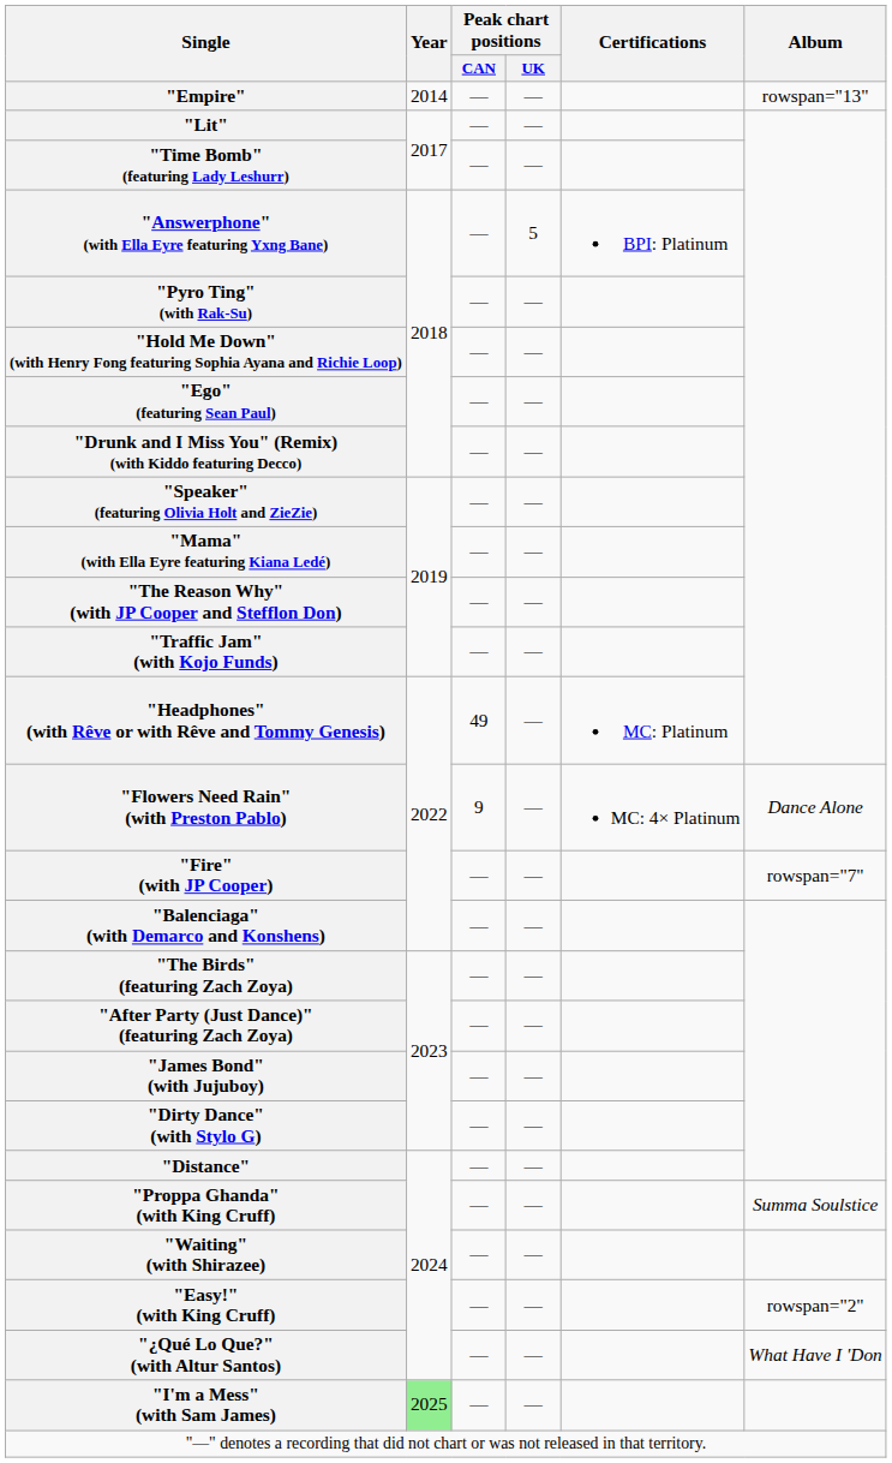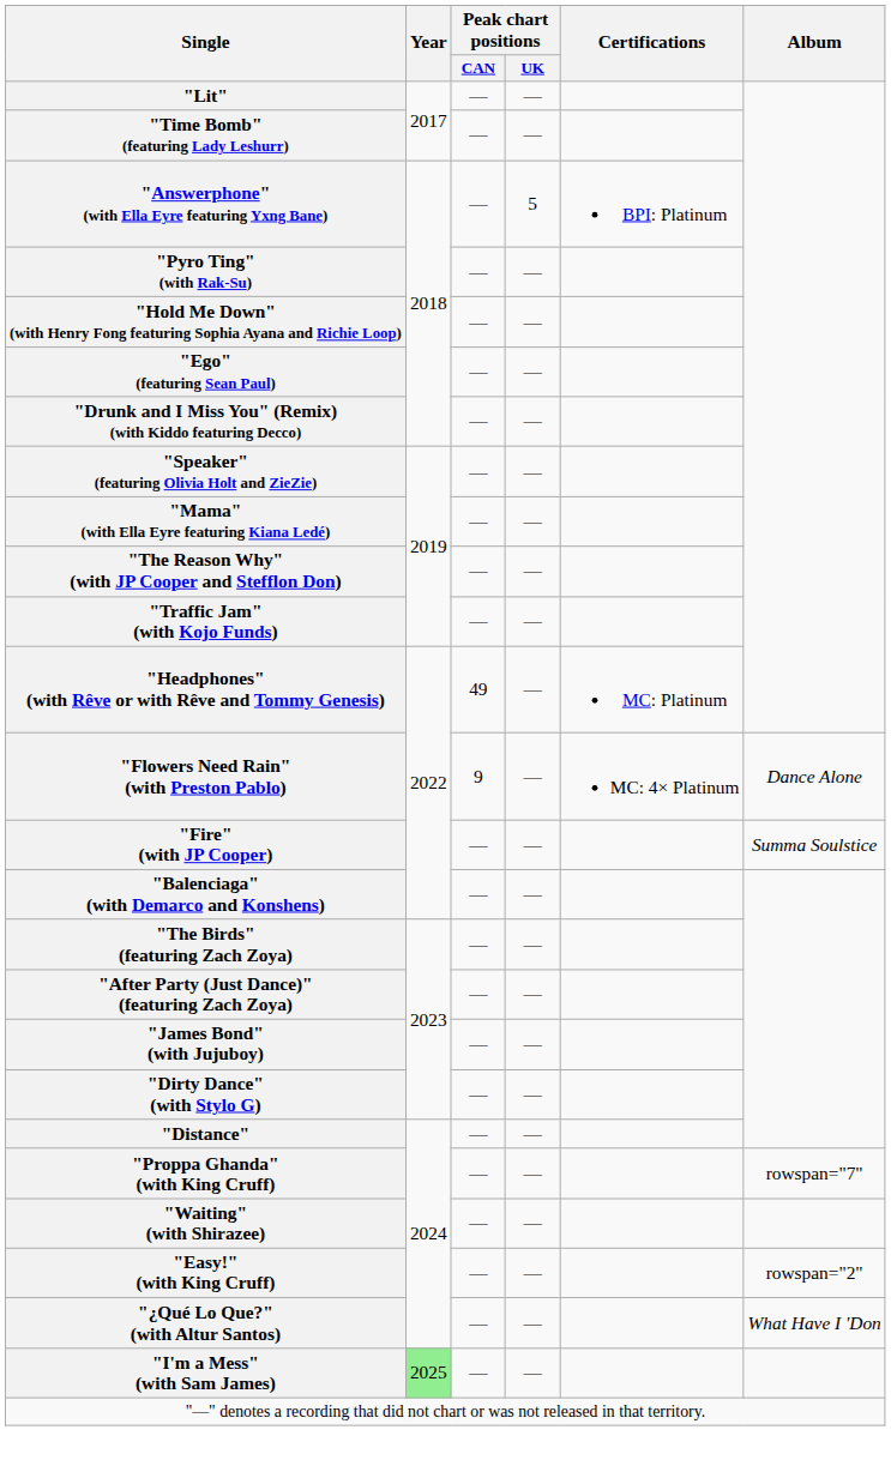 <table class="wikitable plainrowheaders" style="text-align:center;">
 <tr>
 <th scope="col" rowspan="2">Single</th>
 <th scope="col" rowspan="2">Year</th>
 <th scope="col" colspan="2">Peak chart positions</th>
 <th scope="col" rowspan="2">Certifications</th>
 <th scope="col" rowspan="2">Album</th>
 </tr>
 <tr>
 <th scope="col" style="width:3em;font-size:85%;"><a href='#'>CAN</a><br></th>
 <th scope="col" style="width:3em;font-size:85%;"><a href='#'>UK</a><br></th>
-</tr>
-<tr>
-<th scope="row">"Empire"</th>
-<td>2014</td>
-<td>—</td>
-<td>—</td>
-<td></td>
-<td>rowspan="13" </td>
 </tr>
 <tr>
 <th scope="row">"Lit"</th>
 <td rowspan="2">2017</td>
 <td>—</td>
 <td>—</td>
 <td></td>
 </tr>
 <tr>
 <th scope="row">"Time Bomb"<br><small>(featuring <a href='#'>Lady Leshurr</a>)</small></th>
 <td>—</td>
 <td>—</td>
 <td></td>
 </tr>
 <tr>
 <th scope="row">"<a href='#'>Answerphone</a>"<br><small>(with <a href='#'>Ella Eyre</a> featuring <a href='#'>Yxng Bane</a>)</small></th>
 <td rowspan="5">2018</td>
 <td>—</td>
 <td>5</td>
 <td><br><ul><li><a href='#'>BPI</a>: Platinum</li></ul></td>
 </tr>
 <tr>
 <th scope="row">"Pyro Ting"<br><small>(with <a href='#'>Rak-Su</a>)</small></th>
 <td>—</td>
 <td>—</td>
 <td></td>
 </tr>
 <tr>
 <th scope="row">"Hold Me Down"<br><small>(with Henry Fong featuring Sophia Ayana and <a href='#'>Richie Loop</a>)</small></th>
 <td>—</td>
 <td>—</td>
 <td></td>
 </tr>
 <tr>
 <th scope="row">"Ego"<br><small>(featuring <a href='#'>Sean Paul</a>)</small></th>
 <td>—</td>
 <td>—</td>
 <td></td>
 </tr>
 <tr>
 <th scope="row">"Drunk and I Miss You" (Remix)<br><small>(with Kiddo featuring Decco)</small></th>
 <td>—</td>
 <td>—</td>
 <td></td>
 </tr>
 <tr>
 <th scope="row">"Speaker"<br><small>(featuring <a href='#'>Olivia Holt</a> and <a href='#'>ZieZie</a>)</small></th>
 <td rowspan="4">2019</td>
 <td>—</td>
 <td>—</td>
 <td></td>
 </tr>
 <tr>
 <th scope="row">"Mama"<br><small>(with Ella Eyre featuring <a href='#'>Kiana Ledé</a>)</small></th>
 <td>—</td>
 <td>—</td>
 <td></td>
 </tr>
 <tr>
 <th scope="row">"The Reason Why"<br><span>(with <a href='#'>JP Cooper</a> and <a href='#'>Stefflon Don</a>)</span></th>
 <td>—</td>
 <td>—</td>
 <td></td>
 </tr>
 <tr>
 <th scope="row">"Traffic Jam"<br><span>(with <a href='#'>Kojo Funds</a>)</span></th>
 <td>—</td>
 <td>—</td>
 <td></td>
 </tr>
 <tr>
 <th scope="row">"Headphones"<br><span>(with <a href='#'>Rêve</a> or with Rêve and <a href='#'>Tommy Genesis</a>)</span></th>
 <td rowspan="4">2022</td>
 <td>49</td>
 <td>—</td>
 <td><br><ul><li><a href='#'>MC</a>: Platinum</li></ul></td>
 </tr>
 <tr>
 <th scope="row">"Flowers Need Rain"<br><span>(with <a href='#'>Preston Pablo</a>)</span></th>
 <td>9</td>
 <td>—</td>
 <td><br><ul><li>MC: 4× Platinum</li></ul></td>
 <td><em>Dance Alone</em></td>
 </tr>
 <tr>
 <th scope="row">"Fire"<br><span>(with <a href='#'>JP Cooper</a>)</span></th>
 <td>—</td>
 <td>—</td>
 <td></td>
-<td>rowspan="7" </td>
+<td><em>Summa Soulstice</em></td>
 </tr>
 <tr>
 <th scope="row">"Balenciaga"<br><span>(with <a href='#'>Demarco</a> and <a href='#'>Konshens</a>)</span></th>
 <td>—</td>
 <td>—</td>
 <td></td>
 </tr>
 <tr>
 <th scope="row">"The Birds"<br><span>(featuring Zach Zoya)</span></th>
 <td rowspan="4">2023</td>
 <td>—</td>
 <td>—</td>
 <td></td>
 </tr>
 <tr>
 <th scope="row">"After Party (Just Dance)"<br><span>(featuring Zach Zoya)</span></th>
 <td>—</td>
 <td>—</td>
 <td></td>
 </tr>
 <tr>
 <th scope="row">"James Bond"<br><span>(with Jujuboy)</span></th>
 <td>—</td>
 <td>—</td>
 <td></td>
 </tr>
 <tr>
 <th scope="row">"Dirty Dance"<br><span>(with <a href='#'>Stylo G</a>)</span></th>
 <td>—</td>
 <td>—</td>
 <td></td>
 </tr>
 <tr>
 <th scope="row">"Distance"</th>
 <td rowspan="5">2024</td>
 <td>—</td>
 <td>—</td>
 <td></td>
 </tr>
 <tr>
 <th scope="row">"Proppa Ghanda"<br><span>(with King Cruff)</span></th>
 <td>—</td>
 <td>—</td>
 <td></td>
-<td><em>Summa Soulstice</em></td>
+<td>rowspan="7" </td>
 </tr>
 <tr>
 <th scope="row">"Waiting"<br><span>(with Shirazee)</span></th>
 <td>—</td>
 <td>—</td>
 <td></td>
 <td></td>
 </tr>
 <tr>
 <th scope="row">"Easy!"<br><span>(with King Cruff)</span></th>
 <td>—</td>
 <td>—</td>
 <td></td>
 <td>rowspan="2" </td>
 </tr>
 <tr>
 <th scope="row">"¿Qué Lo Que?"<br><span>(with Altur Santos)</span></th>
 <td>—</td>
 <td>—</td>
 <td></td>
 <td><em>What Have I 'Don</em></td>
 </tr>
 <tr>
 <th scope="row">"I'm a Mess"<br><span>(with Sam James)</span></th>
 <td style="background: lightgreen;">2025</td>
 <td>—</td>
 <td>—</td>
 <td></td>
 </tr>
 <tr>
 <td colspan="6" style="font-size:90%">"—" denotes a recording that did not chart or was not released in that territory.</td>
 </tr>
 </table>
